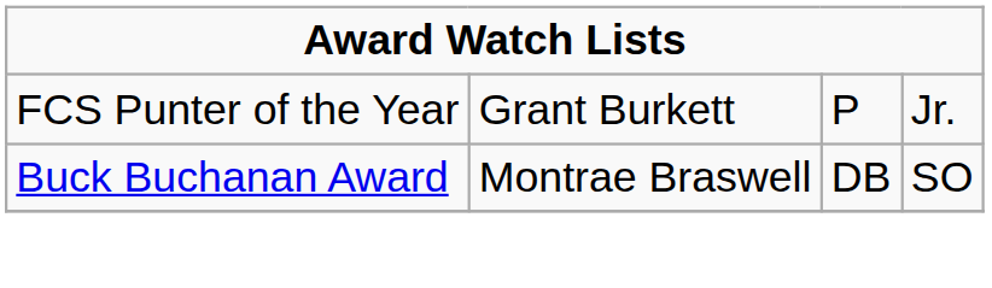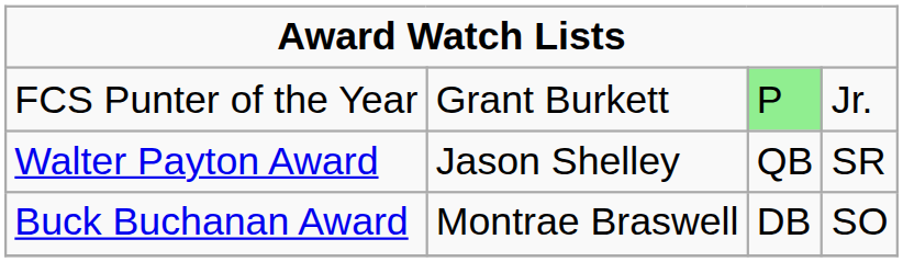 <table class="wikitable" style="display: inline-table;">
 <tr>
 <td align="center" Colspan="4"><strong>Award Watch Lists</strong><br></td>
 </tr>
 <tr>
 <td>FCS Punter of the Year</td>
 <td>Grant Burkett</td>
-<td>P</td>
+<td style="background: lightgreen;">P</td>
 <td>Jr.</td>
+</tr>
+<tr>
+<td><a href='#'>Walter Payton Award</a></td>
+<td>Jason Shelley</td>
+<td>QB</td>
+<td>SR</td>
 </tr>
 <tr>
 <td><a href='#'>Buck Buchanan Award</a></td>
 <td>Montrae Braswell</td>
 <td>DB</td>
 <td>SO</td>
 </tr>
 <tr>
 </tr>
 </table>
